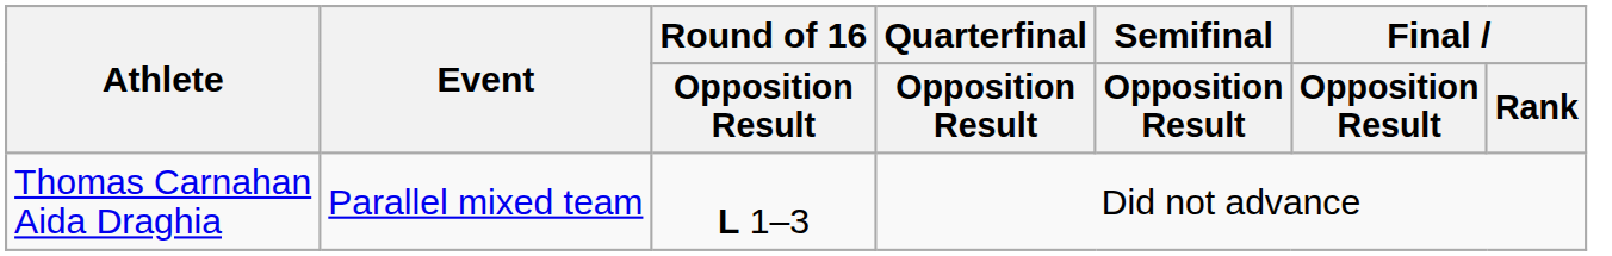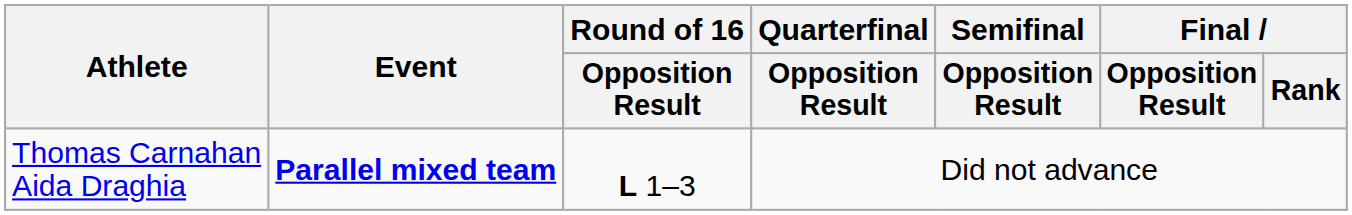 <table class=wikitable style=font-size:90%>
 <tr>
 <th rowspan=2>Athlete</th>
 <th rowspan=2>Event</th>
 <th>Round of 16</th>
 <th>Quarterfinal</th>
 <th>Semifinal</th>
 <th colspan=2>Final / </th>
 </tr>
 <tr style=font-size:95%>
 <th>Opposition<br>Result</th>
 <th>Opposition<br>Result</th>
 <th>Opposition<br>Result</th>
 <th>Opposition<br>Result</th>
 <th>Rank</th>
 </tr>
 <tr align=center>
 <td align=left><a href='#'>Thomas Carnahan</a><br><a href='#'>Aida Draghia</a></td>
-<td align=left><a href='#'>Parallel mixed team</a></td>
+<td align=left><strong><a href='#'>Parallel mixed team</a></strong></td>
 <td><br><strong>L</strong> 1–3</td>
 <td colspan=4>Did not advance</td>
 </tr>
 </table>
